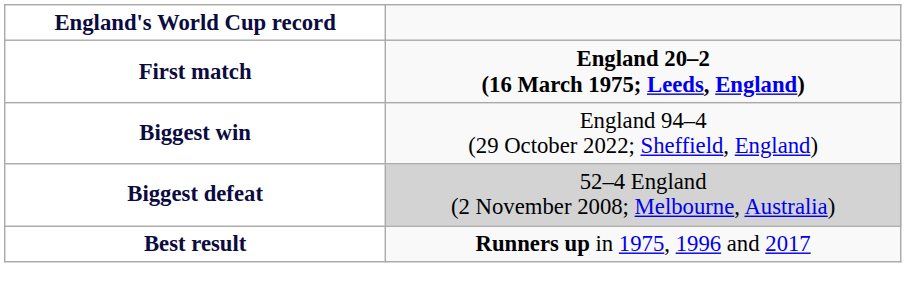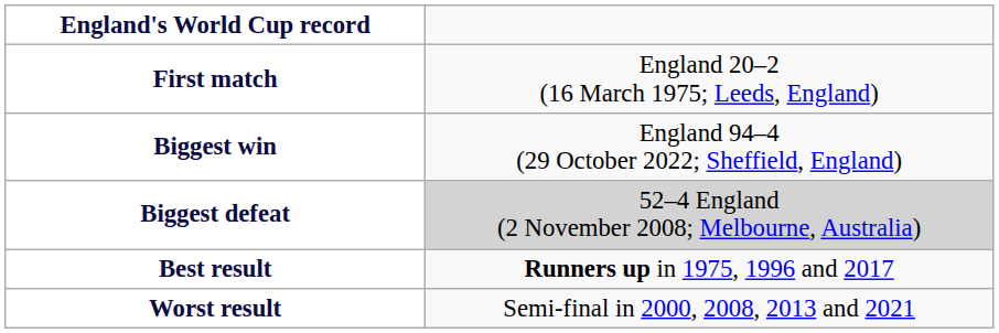 <table class="wikitable collapsible collapsed" style="width:50%;text-align:center">
 <tr>
 <th style="background:white;color:#0B0B3F;"><strong>England's World Cup record</strong></th>
 </tr>
 <tr>
 <th style="background:white;color:#0B0B3F;">First match</th>
-<td><strong> England 20–2 <br> (16 March 1975; <a href='#'>Leeds</a>, <a href='#'>England</a>)</strong></td>
+<td> England 20–2 <br> (16 March 1975; <a href='#'>Leeds</a>, <a href='#'>England</a>)</td>
 </tr>
 <tr>
 <th style="background:white;color:#0B0B3F;">Biggest win</th>
 <td> England 94–4 <br> (29 October 2022; <a href='#'>Sheffield</a>, <a href='#'>England</a>)</td>
 </tr>
 <tr>
 <th style="background:white;color:#0B0B3F;">Biggest defeat</th>
 <td style="background: lightgrey;"> 52–4 England <br> (2 November 2008; <a href='#'>Melbourne</a>, <a href='#'>Australia</a>)</td>
 </tr>
 <tr>
 <th style="background:white;color:#0B0B3F;">Best result</th>
 <td><strong>Runners up</strong> in <a href='#'>1975</a>, <a href='#'>1996</a> and <a href='#'>2017</a></td>
 </tr>
+<tr>
+<th style="background:white;color:#0B0B3F;">Worst result</th>
+<td>Semi-final in <a href='#'>2000</a>, <a href='#'>2008</a>, <a href='#'>2013</a> and <a href='#'>2021</a></td>
+</tr>
 </table>
